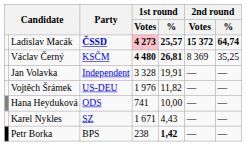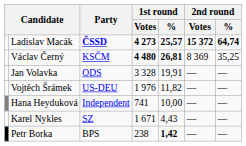 <table class="wikitable sortable">
 <tr>
 <th colspan="2" rowspan="2">Candidate</th>
 <th rowspan="2">Party</th>
 <th colspan="2">1st round</th>
 <th colspan="2">2nd round</th>
 </tr>
 <tr>
 <th>Votes</th>
 <th>%</th>
 <th>Votes</th>
 <th>%</th>
 </tr>
 <tr>
 <td style="background-color:"></td>
 <td>Ladislav Macák</td>
 <td><strong><a href='#'>ČSSD</a></strong></td>
-<td style="background: pink;"><strong>4 273</strong></td>
+<td><strong>4 273</strong></td>
 <td><strong>25,57</strong></td>
 <td><strong>15 372</strong></td>
 <td><strong>64,74</strong></td>
 </tr>
 <tr>
 <td style="background-color:"></td>
 <td>Václav Černý</td>
 <td><a href='#'>KSČM</a></td>
 <td><strong>4 480</strong></td>
 <td><strong>26,81</strong></td>
 <td>8 369</td>
 <td>35,25</td>
 </tr>
 <tr>
 <td style="background-color:"></td>
 <td>Jan Volavka</td>
-<td><a href='#'>Independent</a></td>
+<td><a href='#'>ODS</a></td>
 <td>3 328</td>
 <td>19,91</td>
 <td>—</td>
 <td>—</td>
 </tr>
 <tr>
 <td style="background-color:"></td>
 <td>Vojtěch Šrámek</td>
 <td><a href='#'>US-DEU</a></td>
 <td>1 976</td>
 <td>11,82</td>
 <td>—</td>
 <td>—</td>
 </tr>
 <tr>
 <td style="background-color:grey"></td>
 <td>Hana Heyduková</td>
-<td><a href='#'>ODS</a></td>
+<td><a href='#'>Independent</a></td>
 <td>741</td>
 <td>10,00</td>
 <td>—</td>
 <td>—</td>
 </tr>
 <tr>
 <td style="background-color:"></td>
 <td>Karel Nykles</td>
 <td><a href='#'>SZ</a></td>
 <td>1 671</td>
 <td>4,43</td>
 <td>—</td>
 <td>—</td>
 </tr>
 <tr>
 <td style="background-color:black"></td>
 <td>Petr Borka</td>
 <td>BPS</td>
 <td>238</td>
 <td><strong>1,42</strong></td>
 <td>—</td>
 <td>—</td>
 </tr>
 </table>
